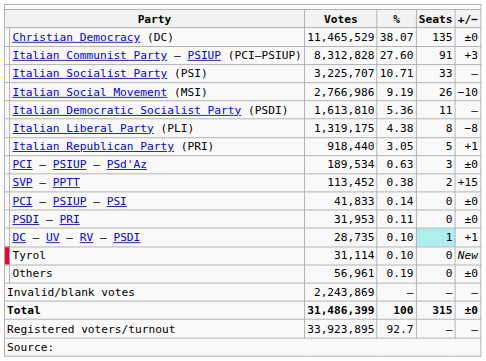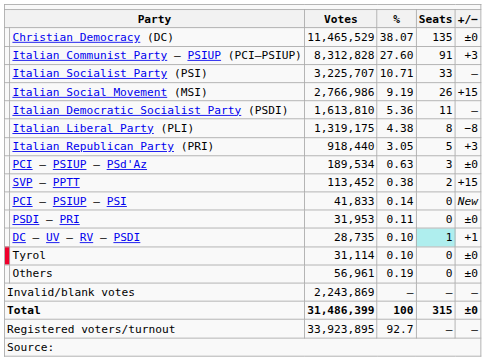 <table class="wikitable" style="text-align:right">
 <tr>
 <td colspan="6"></td>
 </tr>
 <tr>
 <th colspan=2>Party</th>
 <th>Votes</th>
 <th>%</th>
 <th>Seats</th>
 <th>+/−</th>
 </tr>
 <tr>
 <td style="background-color:"></td>
 <td align=left><a href='#'>Christian Democracy</a> (DC)</td>
 <td>11,465,529</td>
 <td>38.07</td>
 <td>135</td>
 <td>±0</td>
 </tr>
 <tr>
 <td style="background-color:"></td>
 <td align=left><a href='#'>Italian Communist Party</a> – <a href='#'>PSIUP</a> (PCI–PSIUP)</td>
 <td>8,312,828</td>
 <td>27.60</td>
 <td>91</td>
 <td><span>+3</span></td>
 </tr>
 <tr>
 <td style="background-color:"></td>
 <td align=left><a href='#'>Italian Socialist Party</a> (PSI)</td>
 <td>3,225,707</td>
 <td>10.71</td>
 <td>33</td>
 <td>–</td>
 </tr>
 <tr>
 <td style="background-color:"></td>
 <td align=left><a href='#'>Italian Social Movement</a> (MSI)</td>
 <td>2,766,986</td>
 <td>9.19</td>
 <td>26</td>
-<td><span>−10</span></td>
+<td><span>+15</span></td>
 </tr>
 <tr>
 <td style="background-color:"></td>
 <td align=left><a href='#'>Italian Democratic Socialist Party</a> (PSDI)</td>
 <td>1,613,810</td>
 <td>5.36</td>
 <td>11</td>
 <td>–</td>
 </tr>
 <tr>
 <td style="background-color:"></td>
 <td align=left><a href='#'>Italian Liberal Party</a> (PLI)</td>
 <td>1,319,175</td>
 <td>4.38</td>
 <td>8</td>
 <td><span>−8</span></td>
 </tr>
 <tr>
 <td style="background-color:"></td>
 <td align=left><a href='#'>Italian Republican Party</a> (PRI)</td>
 <td>918,440</td>
 <td>3.05</td>
 <td>5</td>
-<td><span>+1</span></td>
+<td><span>+3</span></td>
 </tr>
 <tr>
 <td style="background-color:"></td>
 <td align=left><a href='#'>PCI</a> – <a href='#'>PSIUP</a> – <a href='#'>PSd'Az</a></td>
 <td>189,534</td>
 <td>0.63</td>
 <td>3</td>
 <td>±0</td>
 </tr>
 <tr>
 <td style="background-color:"></td>
 <td align=left><a href='#'>SVP</a> – <a href='#'>PPTT</a></td>
 <td>113,452</td>
 <td>0.38</td>
 <td>2</td>
 <td><span>+15</span></td>
 </tr>
 <tr>
 <td style="background-color:"></td>
 <td align=left><a href='#'>PCI</a> – <a href='#'>PSIUP</a> – <a href='#'>PSI</a></td>
 <td>41,833</td>
 <td>0.14</td>
 <td>0</td>
-<td>±0</td>
+<td><em>New</em></td>
 </tr>
 <tr>
 <td style="background-color:"></td>
 <td align=left><a href='#'>PSDI</a> – <a href='#'>PRI</a></td>
 <td>31,953</td>
 <td>0.11</td>
 <td>0</td>
 <td>±0</td>
 </tr>
 <tr>
 <td style="background-color:"></td>
 <td align=left><a href='#'>DC</a> – <a href='#'>UV</a> – <a href='#'>RV</a> – <a href='#'>PSDI</a></td>
 <td>28,735</td>
 <td>0.10</td>
 <td style="background: paleturquoise;">1</td>
 <td><span>+1</span></td>
 </tr>
 <tr>
 <td style="background-color:#F0002D"></td>
 <td align=left>Tyrol</td>
 <td>31,114</td>
 <td>0.10</td>
 <td>0</td>
-<td><em>New</em></td>
+<td>±0</td>
 </tr>
 <tr>
 <td style="background-color:"></td>
 <td align=left>Others</td>
 <td>56,961</td>
 <td>0.19</td>
 <td>0</td>
 <td>±0</td>
 </tr>
 <tr>
 <td align=left colspan=2>Invalid/blank votes</td>
 <td>2,243,869</td>
 <td>–</td>
 <td>–</td>
 <td>–</td>
 </tr>
 <tr>
 <td align=left colspan=2><strong>Total</strong></td>
 <td><strong>31,486,399</strong></td>
 <td><strong>100</strong></td>
 <td><strong>315</strong></td>
 <td><strong>±0</strong></td>
 </tr>
 <tr>
 <td align=left colspan=2>Registered voters/turnout</td>
 <td>33,923,895</td>
 <td>92.7</td>
 <td>–</td>
 <td>–</td>
 </tr>
 <tr>
 <td align=left colspan=6>Source: </td>
 </tr>
 </table>
